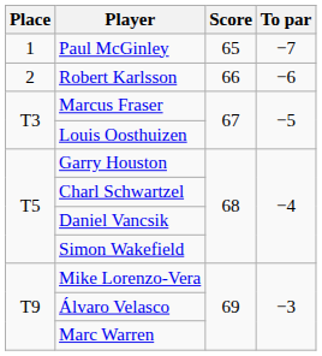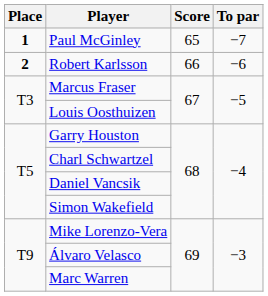 <table class="wikitable">
 <tr>
 <th>Place</th>
 <th>Player</th>
 <th>Score</th>
 <th>To par</th>
 </tr>
 <tr>
-<td align=center>1</td>
+<td align=center><strong>1</strong></td>
 <td> <a href='#'>Paul McGinley</a></td>
 <td align=center>65</td>
 <td align=center>−7</td>
 </tr>
 <tr>
-<td align=center>2</td>
+<td align=center><strong>2</strong></td>
 <td> <a href='#'>Robert Karlsson</a></td>
 <td align=center>66</td>
 <td align=center>−6</td>
 </tr>
 <tr>
 <td rowspan="2" align=center>T3</td>
 <td> <a href='#'>Marcus Fraser</a></td>
 <td rowspan="2" align=center>67</td>
 <td rowspan="2" align=center>−5</td>
 </tr>
 <tr>
 <td> <a href='#'>Louis Oosthuizen</a></td>
 </tr>
 <tr>
 <td rowspan="4" align=center>T5</td>
 <td> <a href='#'>Garry Houston</a></td>
 <td rowspan="4" align=center>68</td>
 <td rowspan="4" align=center>−4</td>
 </tr>
 <tr>
 <td> <a href='#'>Charl Schwartzel</a></td>
 </tr>
 <tr>
 <td> <a href='#'>Daniel Vancsik</a></td>
 </tr>
 <tr>
 <td> <a href='#'>Simon Wakefield</a></td>
 </tr>
 <tr>
 <td rowspan="3" align=center>T9</td>
 <td> <a href='#'>Mike Lorenzo-Vera</a></td>
 <td rowspan="3" align=center>69</td>
 <td rowspan="3" align=center>−3</td>
 </tr>
 <tr>
 <td> <a href='#'>Álvaro Velasco</a></td>
 </tr>
 <tr>
 <td> <a href='#'>Marc Warren</a></td>
 </tr>
 </table>
